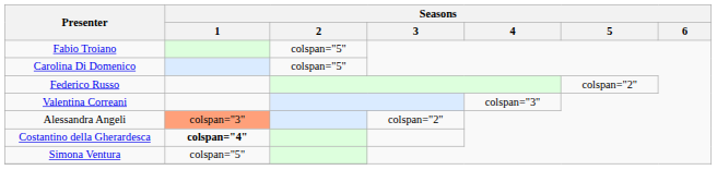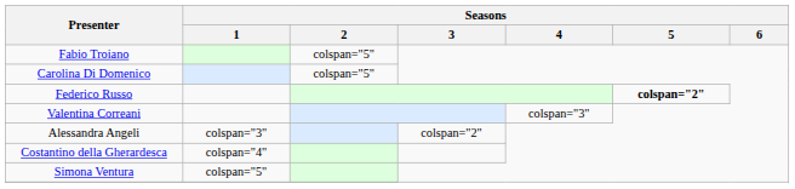 <table class="wikitable" style="text-align:center; width:80%">
 <tr>
 <th rowspan="2" width="135">Presenter</th>
 <th colspan="9">Seasons</th>
 </tr>
 <tr>
 <th width="40">1</th>
 <th width="40">2</th>
 <th width="40">3</th>
 <th width="40">4</th>
 <th width="40">5</th>
 <th width="40">6</th>
 </tr>
 <tr>
 <td><a href='#'>Fabio Troiano</a></td>
 <td style="background:#ddffdd"></td>
 <td>colspan="5" </td>
 </tr>
 <tr>
 <td><a href='#'>Carolina Di Domenico</a></td>
 <td style="background:#DAEBFF"></td>
 <td>colspan="5" </td>
 </tr>
 <tr>
 <td><a href='#'>Federico Russo</a></td>
 <td></td>
 <td colspan="3" style="background:#ddffdd"></td>
-<td>colspan="2" </td>
+<td><strong>colspan="2" </strong></td>
 </tr>
 <tr>
 <td><a href='#'>Valentina Correani</a></td>
 <td></td>
 <td colspan="2" style="background:#DAEBFF"></td>
 <td>colspan="3" </td>
 </tr>
 <tr>
 <td>Alessandra Angeli</td>
-<td style="background: lightsalmon;">colspan="3" </td>
+<td>colspan="3" </td>
 <td style="background:#DAEBFF"></td>
 <td>colspan="2" </td>
 </tr>
 <tr>
 <td><a href='#'>Costantino della Gherardesca</a></td>
-<td><strong>colspan="4" </strong></td>
+<td>colspan="4" </td>
 <td style="background:#ddffdd"></td>
 <td></td>
 </tr>
 <tr>
 <td><a href='#'>Simona Ventura</a></td>
 <td>colspan="5" </td>
 <td style="background:#ddffdd"></td>
 </tr>
 <tr>
 </tr>
 </table>
